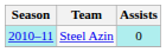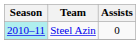 <table class="wikitable" style="text-align: center;">
 <tr>
 <th>Season</th>
 <th>Team</th>
 <th>Assists</th>
 </tr>
 <tr>
 <td style="background: paleturquoise;"><a href='#'>2010–11</a></td>
 <td align="left"><a href='#'>Steel Azin</a></td>
-<td style="background: paleturquoise;">0</td>
+<td>0</td>
 </tr>
 <tr>
 </tr>
 </table>
